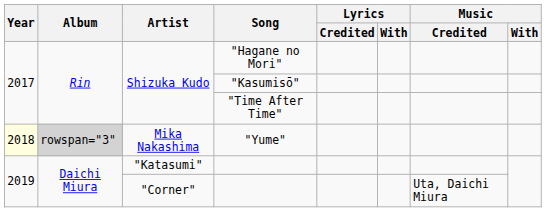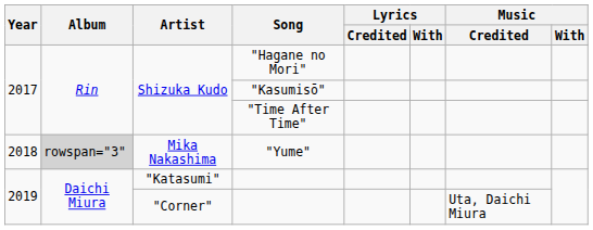 <table class="wikitable">
 <tr>
 <th rowspan="2">Year</th>
 <th rowspan="2">Album</th>
 <th rowspan="2">Artist</th>
 <th rowspan="2">Song</th>
 <th colspan="2">Lyrics</th>
 <th colspan="2">Music</th>
 </tr>
 <tr>
 <th>Credited</th>
 <th>With</th>
 <th>Credited</th>
 <th>With</th>
 </tr>
 <tr>
 <td rowspan="3">2017</td>
 <td align="center" rowspan="3"><em><a href='#'>Rin</a></em></td>
 <td align="center" rowspan="3"><a href='#'>Shizuka Kudo</a></td>
 <td align="center">"Hagane no Mori" </td>
 <td></td>
 <td></td>
 <td></td>
 <td></td>
 </tr>
 <tr>
 <td align="center">"Kasumisō" </td>
 <td></td>
 <td></td>
 <td></td>
 <td></td>
 </tr>
 <tr>
 <td align="center">"Time After Time"</td>
 <td></td>
 <td></td>
 <td></td>
 <td></td>
 </tr>
 <tr>
-<td style="background: lightyellow;">2018</td>
+<td>2018</td>
 <td style="background: lightgrey;">rowspan="3" </td>
 <td align="center"><a href='#'>Mika Nakashima</a></td>
 <td align="center">"Yume" </td>
 <td></td>
 <td></td>
 <td></td>
 <td></td>
 </tr>
 <tr>
 <td rowspan="2">2019</td>
 <td align="center" rowspan="2"><a href='#'>Daichi Miura</a></td>
 <td align="center">"Katasumi" </td>
 <td></td>
 <td></td>
 <td></td>
 <td></td>
 </tr>
 <tr>
 <td align="center">"Corner"</td>
 <td></td>
 <td></td>
 <td></td>
 <td>Uta, Daichi Miura</td>
 </tr>
 </table>
